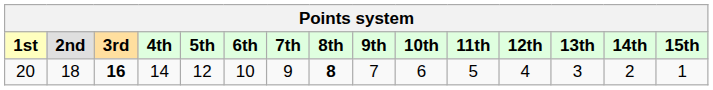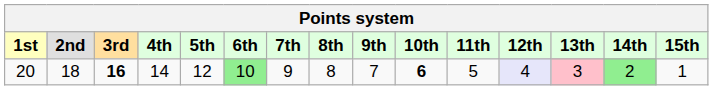 <table class="wikitable" style="font-size:90%; text-align:center">
 <tr>
 <th colspan="22">Points system</th>
 </tr>
 <tr>
 <td style="background:#ffffbf;"> <strong>1st</strong> </td>
 <td style="background:#dfdfdf;"> <strong>2nd</strong> </td>
 <td style="background:#ffdf9f;"> <strong>3rd</strong> </td>
 <td style="background:#dfffdf;"> <strong>4th</strong> </td>
 <td style="background:#dfffdf;"> <strong>5th</strong> </td>
 <td style="background:#dfffdf;"> <strong>6th</strong> </td>
 <td style="background:#dfffdf;"> <strong>7th</strong> </td>
 <td style="background:#dfffdf;"> <strong>8th</strong> </td>
 <td style="background:#dfffdf;"> <strong>9th</strong> </td>
 <td style="background:#dfffdf;"> <strong>10th</strong> </td>
 <td style="background:#dfffdf;"> <strong>11th</strong> </td>
 <td style="background:#dfffdf;"> <strong>12th</strong> </td>
 <td style="background:#dfffdf;"> <strong>13th</strong> </td>
 <td style="background:#dfffdf;"> <strong>14th</strong> </td>
 <td style="background:#dfffdf;"> <strong>15th</strong> </td>
 </tr>
 <tr>
 <td>20</td>
 <td>18</td>
 <td><strong>16</strong></td>
 <td>14</td>
 <td>12</td>
-<td>10</td>
+<td style="background: lightgreen;">10</td>
 <td>9</td>
-<td><strong>8</strong></td>
+<td>8</td>
 <td>7</td>
-<td>6</td>
+<td><strong>6</strong></td>
 <td>5</td>
-<td>4</td>
-<td>3</td>
-<td>2</td>
+<td style="background: lavender;">4</td>
+<td style="background: pink;">3</td>
+<td style="background: lightgreen;">2</td>
 <td>1</td>
 </tr>
 </table>
